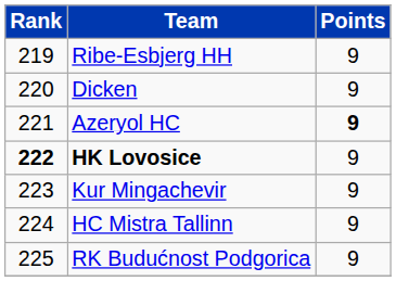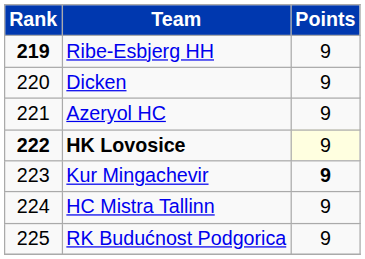 <table class="wikitable" style="text-align: center">
 <tr>
 <th style="color:white; background:#0038af">Rank</th>
 <th style="color:white; background:#0038af">Team</th>
 <th style="color:white; background:#0038af">Points</th>
 </tr>
 <tr>
-<td>219</td>
+<td><strong>219</strong></td>
 <td align=left> <a href='#'>Ribe-Esbjerg HH</a></td>
 <td>9</td>
 </tr>
 <tr>
 <td>220</td>
 <td align=left> <a href='#'>Dicken</a></td>
 <td>9</td>
 </tr>
 <tr>
 <td>221</td>
 <td align=left> <a href='#'>Azeryol HC</a></td>
-<td><strong>9</strong></td>
+<td>9</td>
 </tr>
 <tr>
 <td><strong>222</strong></td>
 <td align=left> <strong>HK Lovosice</strong></td>
-<td>9</td>
+<td style="background: lightyellow;">9</td>
 </tr>
 <tr>
 <td>223</td>
 <td align=left> <a href='#'>Kur Mingachevir</a></td>
-<td>9</td>
+<td><strong>9</strong></td>
 </tr>
 <tr>
 <td>224</td>
 <td align=left> <a href='#'>HC Mistra Tallinn</a></td>
 <td>9</td>
 </tr>
 <tr>
 <td>225</td>
 <td align=left> <a href='#'>RK Budućnost Podgorica</a></td>
 <td>9</td>
 </tr>
 <tr>
 </tr>
 </table>
